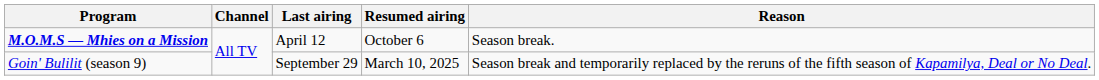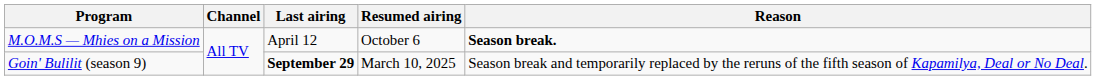 <table class="wikitable">
 <tr>
 <th>Program</th>
 <th>Channel</th>
 <th>Last airing</th>
 <th>Resumed airing</th>
 <th>Reason</th>
 </tr>
 <tr>
-<td><strong><em><a href='#'>M.O.M.S — Mhies on a Mission</a></em></strong></td>
+<td><em><a href='#'>M.O.M.S — Mhies on a Mission</a></em></td>
 <td rowspan="2"><a href='#'>All TV</a></td>
 <td>April 12</td>
 <td>October 6</td>
-<td>Season break.</td>
+<td><strong>Season break.</strong></td>
 </tr>
 <tr>
 <td><em><a href='#'>Goin' Bulilit</a></em> (season 9)</td>
-<td>September 29</td>
+<td><strong>September 29</strong></td>
 <td>March 10, 2025</td>
 <td>Season break and temporarily replaced by the reruns of the fifth season of <em><a href='#'>Kapamilya, Deal or No Deal</a></em>.</td>
 </tr>
 </table>
